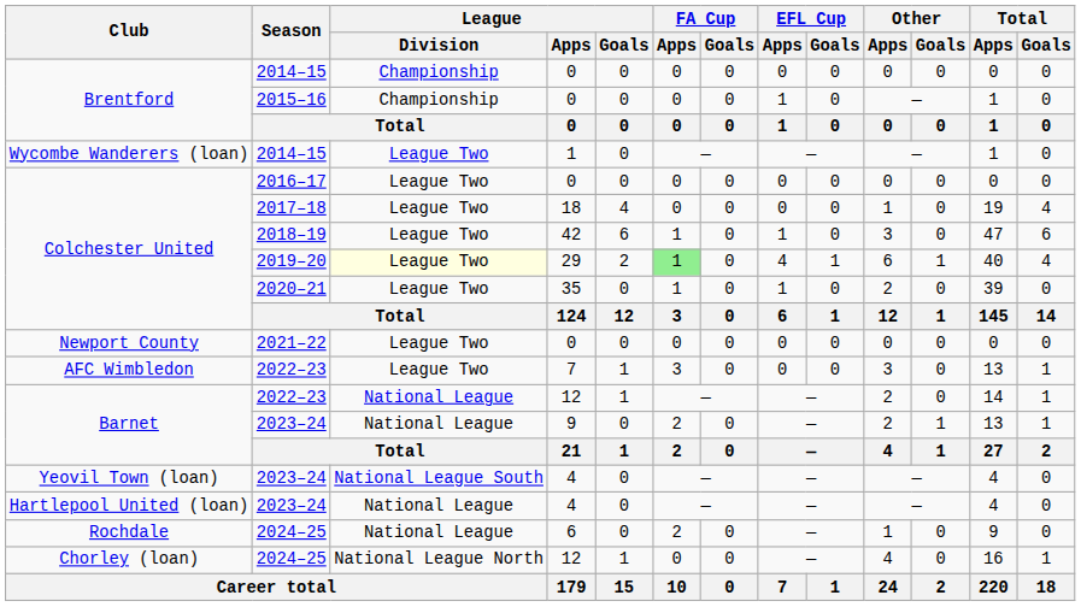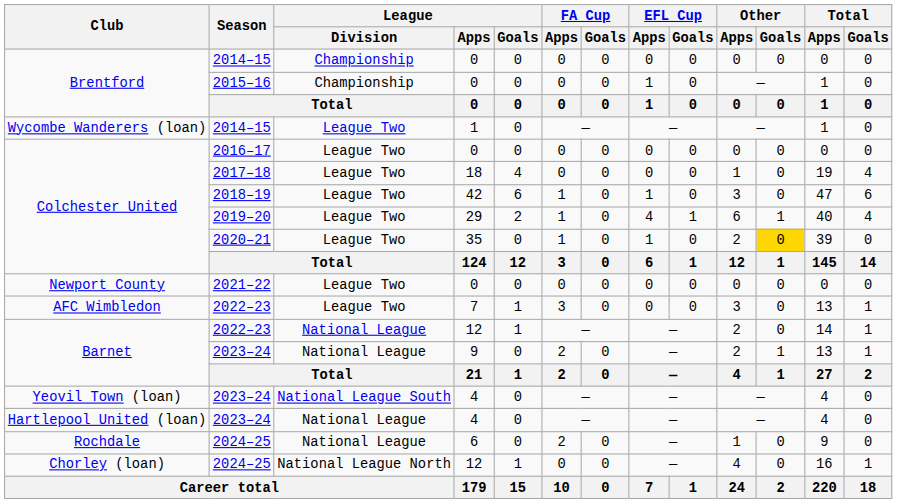 <table class=wikitable style="text-align: center">
 <tr>
 <th rowspan=2>Club</th>
 <th rowspan=2>Season</th>
 <th colspan=3>League</th>
 <th colspan=2><a href='#'>FA Cup</a></th>
 <th colspan=2><a href='#'>EFL Cup</a></th>
 <th colspan=2>Other</th>
 <th colspan=2>Total</th>
 </tr>
 <tr>
 <th>Division</th>
 <th>Apps</th>
 <th>Goals</th>
 <th>Apps</th>
 <th>Goals</th>
 <th>Apps</th>
 <th>Goals</th>
 <th>Apps</th>
 <th>Goals</th>
 <th>Apps</th>
 <th>Goals</th>
 </tr>
 <tr>
 <td rowspan=3><a href='#'>Brentford</a></td>
 <td><a href='#'>2014–15</a></td>
 <td><a href='#'>Championship</a></td>
 <td>0</td>
 <td>0</td>
 <td>0</td>
 <td>0</td>
 <td>0</td>
 <td>0</td>
 <td>0</td>
 <td>0</td>
 <td>0</td>
 <td>0</td>
 </tr>
 <tr>
 <td><a href='#'>2015–16</a></td>
 <td>Championship</td>
 <td>0</td>
 <td>0</td>
 <td>0</td>
 <td>0</td>
 <td>1</td>
 <td>0</td>
 <td colspan="2">—</td>
 <td>1</td>
 <td>0</td>
 </tr>
 <tr>
 <th colspan=2>Total</th>
 <th>0</th>
 <th>0</th>
 <th>0</th>
 <th>0</th>
 <th>1</th>
 <th>0</th>
 <th>0</th>
 <th>0</th>
 <th>1</th>
 <th>0</th>
 </tr>
 <tr>
 <td><a href='#'>Wycombe Wanderers</a> (loan)</td>
 <td><a href='#'>2014–15</a></td>
 <td><a href='#'>League Two</a></td>
 <td>1</td>
 <td>0</td>
 <td colspan=2>—</td>
 <td colspan=2>—</td>
 <td colspan=2>—</td>
 <td>1</td>
 <td>0</td>
 </tr>
 <tr>
 <td rowspan=6><a href='#'>Colchester United</a></td>
 <td><a href='#'>2016–17</a></td>
 <td>League Two</td>
 <td>0</td>
 <td>0</td>
 <td>0</td>
 <td>0</td>
 <td>0</td>
 <td>0</td>
 <td>0</td>
 <td>0</td>
 <td>0</td>
 <td>0</td>
 </tr>
 <tr>
 <td><a href='#'>2017–18</a></td>
 <td>League Two</td>
 <td>18</td>
 <td>4</td>
 <td>0</td>
 <td>0</td>
 <td>0</td>
 <td>0</td>
 <td>1</td>
 <td>0</td>
 <td>19</td>
 <td>4</td>
 </tr>
 <tr>
 <td><a href='#'>2018–19</a></td>
 <td>League Two</td>
 <td>42</td>
 <td>6</td>
 <td>1</td>
 <td>0</td>
 <td>1</td>
 <td>0</td>
 <td>3</td>
 <td>0</td>
 <td>47</td>
 <td>6</td>
 </tr>
 <tr>
 <td><a href='#'>2019–20</a></td>
-<td style="background: lightyellow;">League Two</td>
+<td>League Two</td>
 <td>29</td>
 <td>2</td>
-<td style="background: lightgreen;">1</td>
+<td>1</td>
 <td>0</td>
 <td>4</td>
 <td>1</td>
 <td>6</td>
 <td>1</td>
 <td>40</td>
 <td>4</td>
 </tr>
 <tr>
 <td><a href='#'>2020–21</a></td>
 <td>League Two</td>
 <td>35</td>
 <td>0</td>
 <td>1</td>
 <td>0</td>
 <td>1</td>
 <td>0</td>
 <td>2</td>
-<td>0</td>
+<td style="background: gold;">0</td>
 <td>39</td>
 <td>0</td>
 </tr>
 <tr>
 <th colspan=2>Total</th>
 <th>124</th>
 <th>12</th>
 <th>3</th>
 <th>0</th>
 <th>6</th>
 <th>1</th>
 <th>12</th>
 <th>1</th>
 <th>145</th>
 <th>14</th>
 </tr>
 <tr>
 <td><a href='#'>Newport County</a></td>
 <td><a href='#'>2021–22</a></td>
 <td>League Two</td>
 <td>0</td>
 <td>0</td>
 <td>0</td>
 <td>0</td>
 <td>0</td>
 <td>0</td>
 <td>0</td>
 <td>0</td>
 <td>0</td>
 <td>0</td>
 </tr>
 <tr>
 <td><a href='#'>AFC Wimbledon</a></td>
 <td><a href='#'>2022–23</a></td>
 <td>League Two</td>
 <td>7</td>
 <td>1</td>
 <td>3</td>
 <td>0</td>
 <td>0</td>
 <td>0</td>
 <td>3</td>
 <td>0</td>
 <td>13</td>
 <td>1</td>
 </tr>
 <tr>
 <td rowspan=3><a href='#'>Barnet</a></td>
 <td><a href='#'>2022–23</a></td>
 <td><a href='#'>National League</a></td>
 <td>12</td>
 <td>1</td>
 <td colspan=2>—</td>
 <td colspan=2>—</td>
 <td>2</td>
 <td>0</td>
 <td>14</td>
 <td>1</td>
 </tr>
 <tr>
 <td><a href='#'>2023–24</a></td>
 <td>National League</td>
 <td>9</td>
 <td>0</td>
 <td>2</td>
 <td>0</td>
 <td colspan=2>—</td>
 <td>2</td>
 <td>1</td>
 <td>13</td>
 <td>1</td>
 </tr>
 <tr>
 <th colspan=2>Total</th>
 <th>21</th>
 <th>1</th>
 <th>2</th>
 <th>0</th>
 <th colspan=2>—</th>
 <th>4</th>
 <th>1</th>
 <th>27</th>
 <th>2</th>
 </tr>
 <tr>
 <td><a href='#'>Yeovil Town</a> (loan)</td>
 <td><a href='#'>2023–24</a></td>
 <td><a href='#'>National League South</a></td>
 <td>4</td>
 <td>0</td>
 <td colspan=2>—</td>
 <td colspan=2>—</td>
 <td colspan=2>—</td>
 <td>4</td>
 <td>0</td>
 </tr>
 <tr>
 <td><a href='#'>Hartlepool United</a> (loan)</td>
 <td><a href='#'>2023–24</a></td>
 <td>National League</td>
 <td>4</td>
 <td>0</td>
 <td colspan=2>—</td>
 <td colspan=2>—</td>
 <td colspan=2>—</td>
 <td>4</td>
 <td>0</td>
 </tr>
 <tr>
 <td><a href='#'>Rochdale</a></td>
 <td><a href='#'>2024–25</a></td>
 <td>National League</td>
 <td>6</td>
 <td>0</td>
 <td>2</td>
 <td>0</td>
 <td colspan=2>—</td>
 <td>1</td>
 <td>0</td>
 <td>9</td>
 <td>0</td>
 </tr>
 <tr>
 <td><a href='#'>Chorley</a> (loan)</td>
 <td><a href='#'>2024–25</a></td>
 <td>National League North</td>
 <td>12</td>
 <td>1</td>
 <td>0</td>
 <td>0</td>
 <td colspan=2>—</td>
 <td>4</td>
 <td>0</td>
 <td>16</td>
 <td>1</td>
 </tr>
 <tr>
 <th colspan=3>Career total</th>
 <th>179</th>
 <th>15</th>
 <th>10</th>
 <th>0</th>
 <th>7</th>
 <th>1</th>
 <th>24</th>
 <th>2</th>
 <th>220</th>
 <th>18</th>
 </tr>
 </table>
